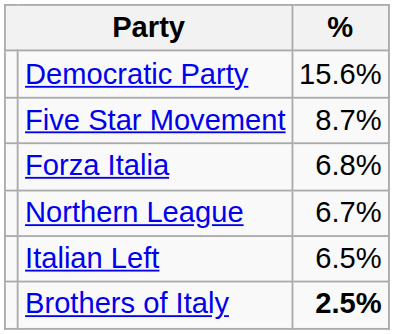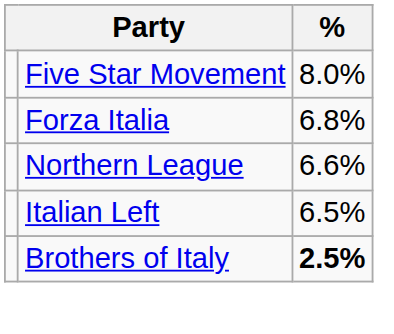 <table class=wikitable style=text-align:left>
 <tr>
 <th colspan="2" style="text-align:center;">Party</th>
 <th valign=top>%</th>
 </tr>
 <tr>
 <td style="color:inherit;background:"></td>
-<td><a href='#'>Democratic Party</a></td>
-<td align=right>15.6%</td>
-</tr>
-<tr>
-<td style="color:inherit;background:"></td>
 <td><a href='#'>Five Star Movement</a></td>
-<td align=right>8.7%</td>
+<td align=right>8.0%</td>
 </tr>
 <tr>
 <td style="color:inherit;background:"></td>
 <td><a href='#'>Forza Italia</a></td>
 <td align=right>6.8%</td>
 </tr>
 <tr>
 <td style="color:inherit;background:"></td>
 <td><a href='#'>Northern League</a></td>
-<td align=right>6.7%</td>
+<td align=right>6.6%</td>
 </tr>
 <tr>
 <td style="color:inherit;background:"></td>
 <td><a href='#'>Italian Left</a></td>
 <td align=right>6.5%</td>
 </tr>
 <tr>
 <td style="color:inherit;background:"></td>
 <td><a href='#'>Brothers of Italy</a></td>
 <td align=right><strong>2.5%</strong></td>
 </tr>
 </table>
